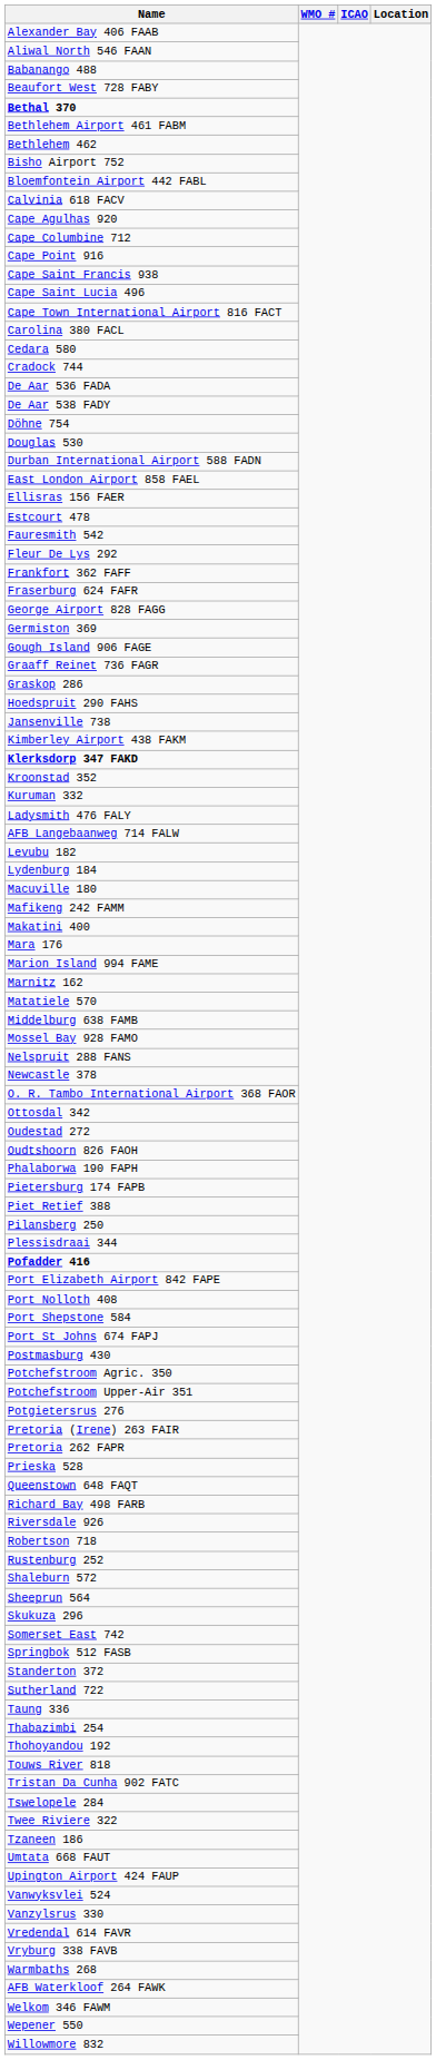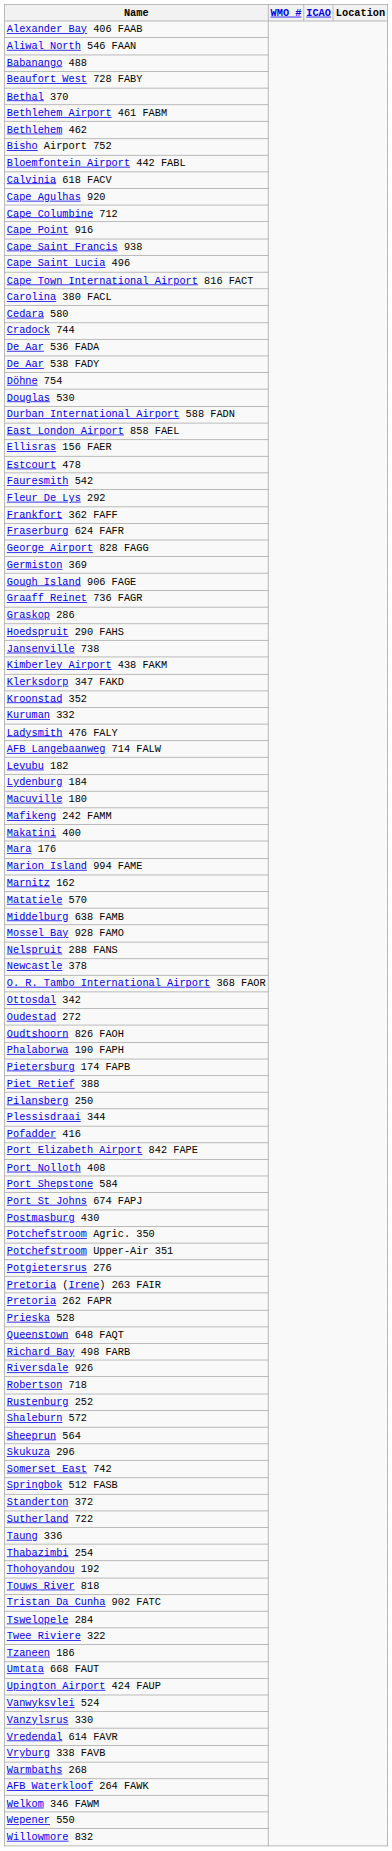 <table class="wikitable sortable">
 <tr>
 <th>Name</th>
 <th><a href='#'>WMO #</a></th>
 <th><a href='#'>ICAO</a></th>
 <th>Location</th>
 </tr>
 <tr>
 <td><a href='#'>Alexander Bay</a>  406  FAAB  </td>
 </tr>
 <tr>
 <td><a href='#'>Aliwal North</a>  546  FAAN  </td>
 </tr>
 <tr>
 <td><a href='#'>Babanango</a>  488   </td>
 </tr>
 <tr>
 <td><a href='#'>Beaufort West</a>  728  FABY  </td>
 </tr>
 <tr>
-<td><strong><a href='#'>Bethal</a>  370   </strong></td>
+<td><a href='#'>Bethal</a>  370   </td>
 </tr>
 <tr>
 <td><a href='#'>Bethlehem Airport</a>  461  FABM  </td>
 </tr>
 <tr>
 <td><a href='#'>Bethlehem</a>  462   </td>
 </tr>
 <tr>
 <td><a href='#'>Bisho</a> Airport  752   </td>
 </tr>
 <tr>
 <td><a href='#'>Bloemfontein Airport</a>  442  FABL  </td>
 </tr>
 <tr>
 <td><a href='#'>Calvinia</a>  618  FACV  </td>
 </tr>
 <tr>
 <td><a href='#'>Cape Agulhas</a>  920   </td>
 </tr>
 <tr>
 <td><a href='#'>Cape Columbine</a>  712   </td>
 </tr>
 <tr>
 <td><a href='#'>Cape Point</a>  916   </td>
 </tr>
 <tr>
 <td><a href='#'>Cape Saint Francis</a>  938   </td>
 </tr>
 <tr>
 <td><a href='#'>Cape Saint Lucia</a>  496   </td>
 </tr>
 <tr>
 <td><a href='#'>Cape Town International Airport</a>  816  FACT  </td>
 </tr>
 <tr>
 <td><a href='#'>Carolina</a>  380  FACL  </td>
 </tr>
 <tr>
 <td><a href='#'>Cedara</a>  580   </td>
 </tr>
 <tr>
 <td><a href='#'>Cradock</a>  744   </td>
 </tr>
 <tr>
 <td><a href='#'>De Aar</a>  536  FADA  </td>
 </tr>
 <tr>
 <td><a href='#'>De Aar</a>  538  FADY  </td>
 </tr>
 <tr>
 <td><a href='#'>Döhne</a>  754   </td>
 </tr>
 <tr>
 <td><a href='#'>Douglas</a>  530   </td>
 </tr>
 <tr>
 <td><a href='#'>Durban International Airport</a>  588  FADN  </td>
 </tr>
 <tr>
 <td><a href='#'>East London Airport</a>  858  FAEL  </td>
 </tr>
 <tr>
 <td><a href='#'>Ellisras</a>  156  FAER  </td>
 </tr>
 <tr>
 <td><a href='#'>Estcourt</a>  478   </td>
 </tr>
 <tr>
 <td><a href='#'>Fauresmith</a>  542   </td>
 </tr>
 <tr>
 <td><a href='#'>Fleur De Lys</a>  292   </td>
 </tr>
 <tr>
 <td><a href='#'>Frankfort</a>  362  FAFF  </td>
 </tr>
 <tr>
 <td><a href='#'>Fraserburg</a>  624  FAFR  </td>
 </tr>
 <tr>
 <td><a href='#'>George Airport</a>  828  FAGG  </td>
 </tr>
 <tr>
 <td><a href='#'>Germiston</a>  369   </td>
 </tr>
 <tr>
 <td><a href='#'>Gough Island</a>  906  FAGE  </td>
 </tr>
 <tr>
 <td><a href='#'>Graaff Reinet</a>  736  FAGR  </td>
 </tr>
 <tr>
 <td><a href='#'>Graskop</a>  286   </td>
 </tr>
 <tr>
 <td><a href='#'>Hoedspruit</a>  290  FAHS  </td>
 </tr>
 <tr>
 <td><a href='#'>Jansenville</a>  738   </td>
 </tr>
 <tr>
 <td><a href='#'>Kimberley Airport</a>  438  FAKM  </td>
 </tr>
 <tr>
-<td><strong><a href='#'>Klerksdorp</a>  347  FAKD  </strong></td>
+<td><a href='#'>Klerksdorp</a>  347  FAKD  </td>
 </tr>
 <tr>
 <td><a href='#'>Kroonstad</a>  352   </td>
 </tr>
 <tr>
 <td><a href='#'>Kuruman</a>  332   </td>
 </tr>
 <tr>
 <td><a href='#'>Ladysmith</a>  476  FALY  </td>
 </tr>
 <tr>
 <td><a href='#'>AFB Langebaanweg</a>  714  FALW  </td>
 </tr>
 <tr>
 <td><a href='#'>Levubu</a>  182   </td>
 </tr>
 <tr>
 <td><a href='#'>Lydenburg</a>  184   </td>
 </tr>
 <tr>
 <td><a href='#'>Macuville</a>  180   </td>
 </tr>
 <tr>
 <td><a href='#'>Mafikeng</a>  242  FAMM  </td>
 </tr>
 <tr>
 <td><a href='#'>Makatini</a>  400   </td>
 </tr>
 <tr>
 <td><a href='#'>Mara</a>  176   </td>
 </tr>
 <tr>
 <td><a href='#'>Marion Island</a>  994  FAME  </td>
 </tr>
 <tr>
 <td><a href='#'>Marnitz</a>  162   </td>
 </tr>
 <tr>
 <td><a href='#'>Matatiele</a>  570   </td>
 </tr>
 <tr>
 <td><a href='#'>Middelburg</a>  638  FAMB  </td>
 </tr>
 <tr>
 <td><a href='#'>Mossel Bay</a>  928  FAMO  </td>
 </tr>
 <tr>
 <td><a href='#'>Nelspruit</a>  288  FANS  </td>
 </tr>
 <tr>
 <td><a href='#'>Newcastle</a>  378   </td>
 </tr>
 <tr>
 <td><a href='#'>O. R. Tambo International Airport</a>  368  FAOR  </td>
 </tr>
 <tr>
 <td><a href='#'>Ottosdal</a>  342   </td>
 </tr>
 <tr>
 <td><a href='#'>Oudestad</a>  272   </td>
 </tr>
 <tr>
 <td><a href='#'>Oudtshoorn</a>  826  FAOH  </td>
 </tr>
 <tr>
 <td><a href='#'>Phalaborwa</a>  190  FAPH  </td>
 </tr>
 <tr>
 <td><a href='#'>Pietersburg</a>  174  FAPB  </td>
 </tr>
 <tr>
 <td><a href='#'>Piet Retief</a>  388   </td>
 </tr>
 <tr>
 <td><a href='#'>Pilansberg</a>  250   </td>
 </tr>
 <tr>
 <td><a href='#'>Plessisdraai</a>  344   </td>
 </tr>
 <tr>
-<td><strong><a href='#'>Pofadder</a>  416   </strong></td>
+<td><a href='#'>Pofadder</a>  416   </td>
 </tr>
 <tr>
 <td><a href='#'>Port Elizabeth Airport</a>  842  FAPE  </td>
 </tr>
 <tr>
 <td><a href='#'>Port Nolloth</a>  408   </td>
 </tr>
 <tr>
 <td><a href='#'>Port Shepstone</a>  584   </td>
 </tr>
 <tr>
 <td><a href='#'>Port St Johns</a>  674  FAPJ  </td>
 </tr>
 <tr>
 <td><a href='#'>Postmasburg</a>  430   </td>
 </tr>
 <tr>
 <td><a href='#'>Potchefstroom</a> Agric.  350   </td>
 </tr>
 <tr>
 <td><a href='#'>Potchefstroom</a> Upper-Air  351   </td>
 </tr>
 <tr>
 <td><a href='#'>Potgietersrus</a>  276   </td>
 </tr>
 <tr>
 <td><a href='#'>Pretoria</a> (<a href='#'>Irene</a>)  263  FAIR  </td>
 </tr>
 <tr>
 <td><a href='#'>Pretoria</a>  262  FAPR  </td>
 </tr>
 <tr>
 <td><a href='#'>Prieska</a>  528   </td>
 </tr>
 <tr>
 <td><a href='#'>Queenstown</a>  648  FAQT  </td>
 </tr>
 <tr>
 <td><a href='#'>Richard Bay</a>  498  FARB  </td>
 </tr>
 <tr>
 <td><a href='#'>Riversdale</a>  926   </td>
 </tr>
 <tr>
 <td><a href='#'>Robertson</a>  718   </td>
 </tr>
 <tr>
 <td><a href='#'>Rustenburg</a>  252   </td>
 </tr>
 <tr>
 <td><a href='#'>Shaleburn</a>  572   </td>
 </tr>
 <tr>
 <td><a href='#'>Sheeprun</a>  564   </td>
 </tr>
 <tr>
 <td><a href='#'>Skukuza</a>  296   </td>
 </tr>
 <tr>
 <td><a href='#'>Somerset East</a>  742   </td>
 </tr>
 <tr>
 <td><a href='#'>Springbok</a>  512  FASB  </td>
 </tr>
 <tr>
 <td><a href='#'>Standerton</a>  372   </td>
 </tr>
 <tr>
 <td><a href='#'>Sutherland</a>  722   </td>
 </tr>
 <tr>
 <td><a href='#'>Taung</a>  336   </td>
 </tr>
 <tr>
 <td><a href='#'>Thabazimbi</a>  254   </td>
 </tr>
 <tr>
 <td><a href='#'>Thohoyandou</a>  192   </td>
 </tr>
 <tr>
 <td><a href='#'>Touws River</a>  818   </td>
 </tr>
 <tr>
 <td><a href='#'>Tristan Da Cunha</a>  902  FATC  </td>
 </tr>
 <tr>
 <td><a href='#'>Tswelopele</a>  284   </td>
 </tr>
 <tr>
 <td><a href='#'>Twee Riviere</a>  322   </td>
 </tr>
 <tr>
 <td><a href='#'>Tzaneen</a>  186   </td>
 </tr>
 <tr>
 <td><a href='#'>Umtata</a>  668  FAUT  </td>
 </tr>
 <tr>
 <td><a href='#'>Upington Airport</a>  424  FAUP  </td>
 </tr>
 <tr>
 <td><a href='#'>Vanwyksvlei</a>  524   </td>
 </tr>
 <tr>
 <td><a href='#'>Vanzylsrus</a>  330   </td>
 </tr>
 <tr>
 <td><a href='#'>Vredendal</a>  614  FAVR  </td>
 </tr>
 <tr>
 <td><a href='#'>Vryburg</a>  338  FAVB  </td>
 </tr>
 <tr>
 <td><a href='#'>Warmbaths</a>  268   </td>
 </tr>
 <tr>
 <td><a href='#'>AFB Waterkloof</a>  264  FAWK  </td>
 </tr>
 <tr>
 <td><a href='#'>Welkom</a>  346  FAWM  </td>
 </tr>
 <tr>
 <td><a href='#'>Wepener</a>  550   </td>
 </tr>
 <tr>
 <td><a href='#'>Willowmore</a>  832   </td>
 </tr>
 </table>
